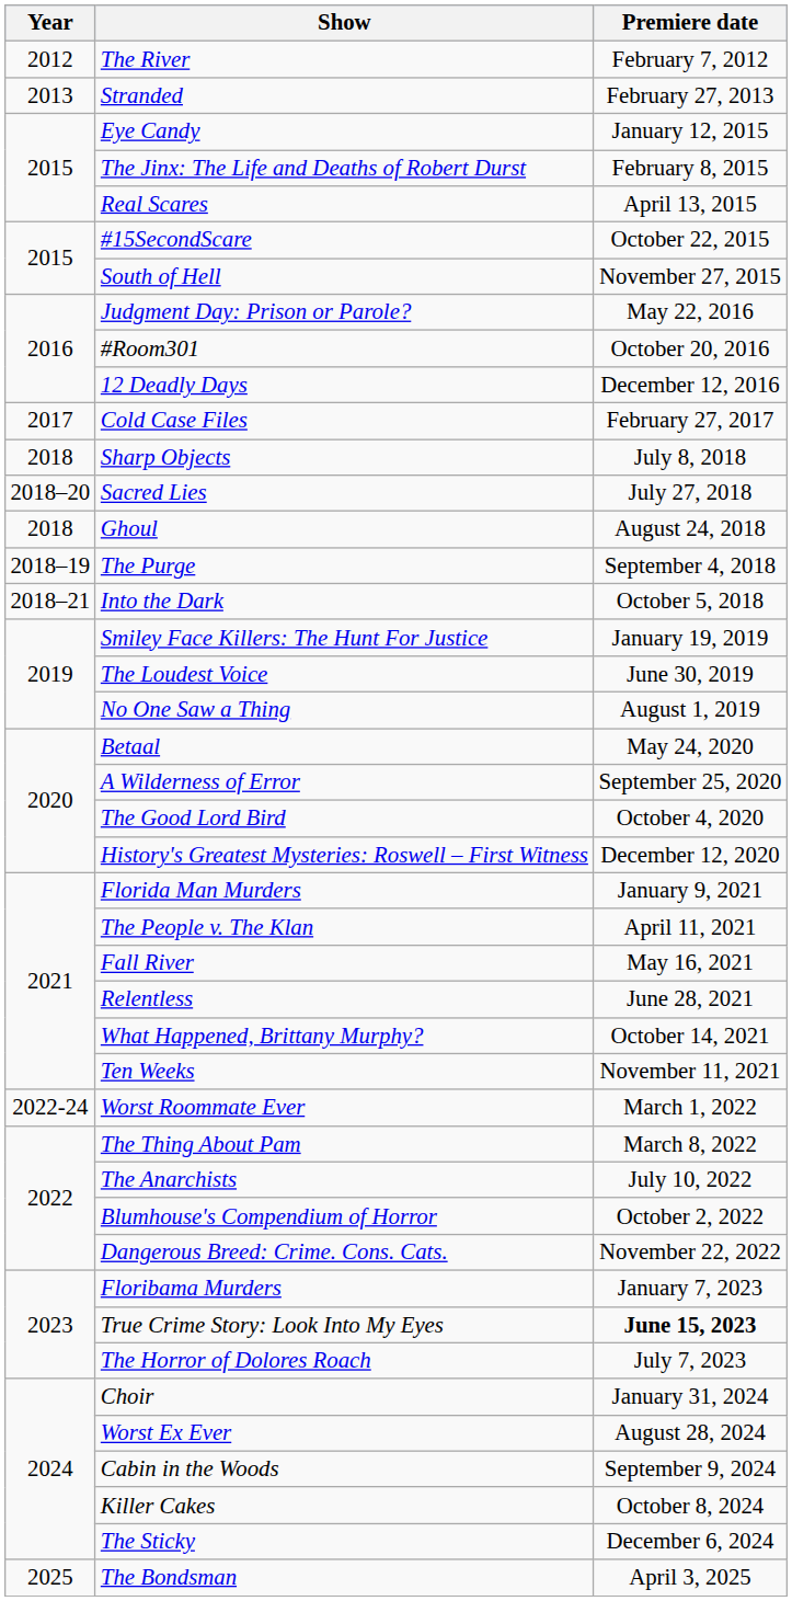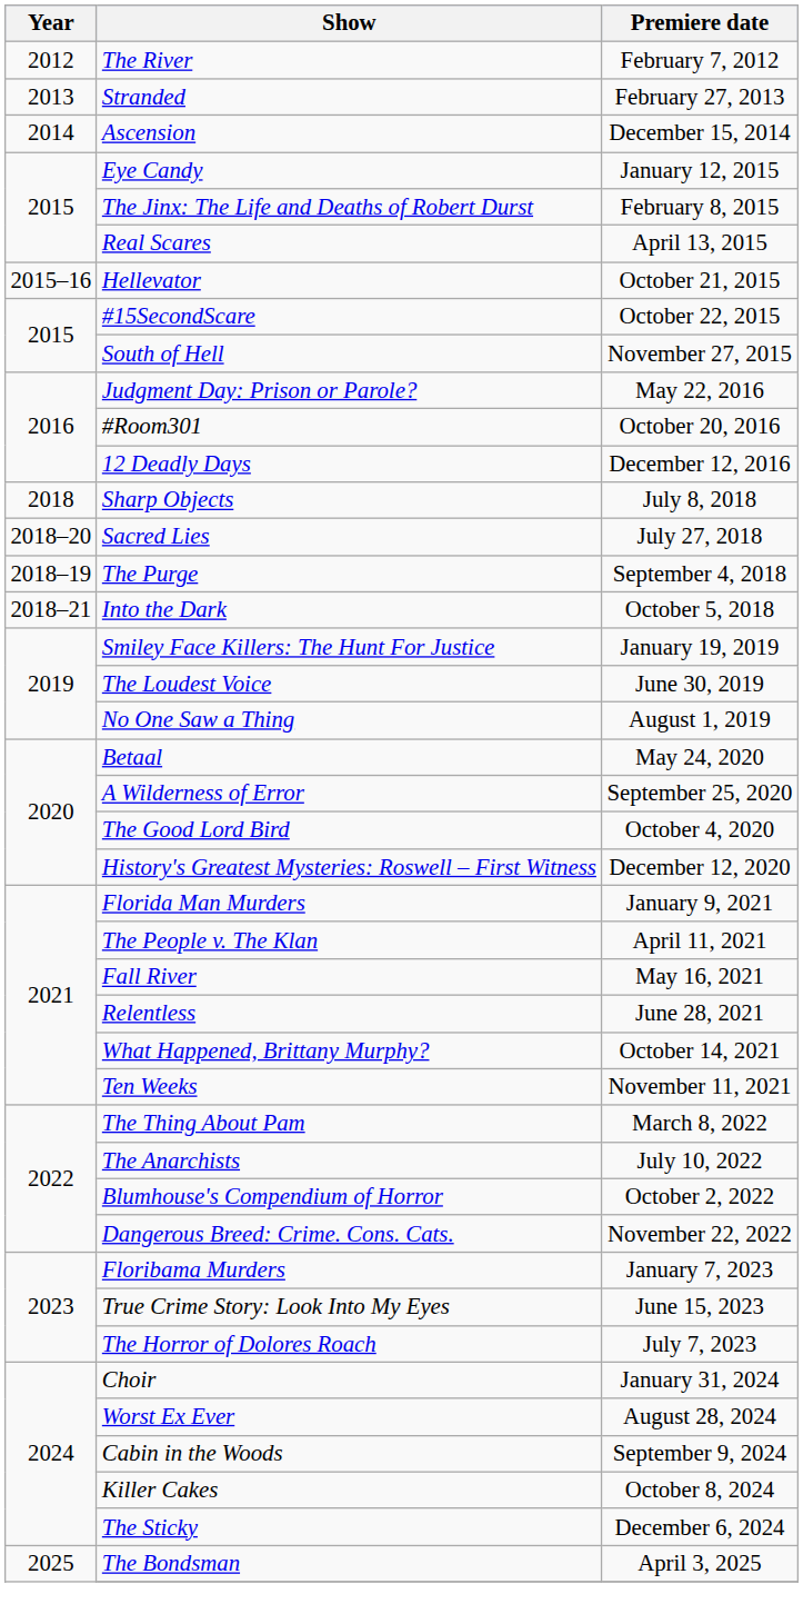 <table class="wikitable sortable">
 <tr style="background:#b0c4de; text-align:center;">
 <th>Year</th>
 <th>Show</th>
 <th>Premiere date</th>
 </tr>
 <tr>
 <td style="text-align:center;">2012</td>
 <td style="text-align:left;"><em><a href='#'>The River</a></em></td>
 <td style="text-align:center;">February 7, 2012</td>
 </tr>
 <tr>
 <td style="text-align:center;">2013</td>
 <td style="text-align:left;"><em><a href='#'>Stranded</a></em></td>
 <td style="text-align:center;">February 27, 2013</td>
 </tr>
 <tr>
+<td style="text-align:center;">2014</td>
+<td style="text-align:left;"><em><a href='#'>Ascension</a></em></td>
+<td style="text-align:center;">December 15, 2014</td>
+</tr>
+<tr>
 <td rowspan="3" style="text-align:center;">2015</td>
 <td style="text-align:left;"><em><a href='#'>Eye Candy</a></em></td>
 <td style="text-align:center;">January 12, 2015</td>
 </tr>
 <tr>
 <td style="text-align:left;"><em><a href='#'>The Jinx: The Life and Deaths of Robert Durst</a></em></td>
 <td style="text-align:center;">February 8, 2015</td>
 </tr>
 <tr>
 <td style="text-align:left;"><em><a href='#'>Real Scares</a></em></td>
 <td style="text-align:center;">April 13, 2015</td>
+</tr>
+<tr>
+<td style="text-align:center;">2015–16</td>
+<td style="text-align:left;"><em><a href='#'>Hellevator</a></em></td>
+<td style="text-align:center;">October 21, 2015</td>
 </tr>
 <tr>
 <td rowspan="2" style="text-align:center;">2015</td>
 <td style="text-align:left;"><em><a href='#'>#15SecondScare</a></em></td>
 <td style="text-align:center;">October 22, 2015</td>
 </tr>
 <tr>
 <td style="text-align:left;"><em><a href='#'>South of Hell</a></em></td>
 <td style="text-align:center;">November 27, 2015</td>
 </tr>
 <tr>
 <td rowspan="3" style="text-align:center;">2016</td>
 <td style="text-align:left;"><em><a href='#'>Judgment Day: Prison or Parole?</a></em></td>
 <td style="text-align:center;">May 22, 2016</td>
 </tr>
 <tr>
 <td style="text-align:left;"><em>#Room301</em></td>
 <td style="text-align:center;">October 20, 2016</td>
 </tr>
 <tr>
 <td style="text-align:left;"><em><a href='#'>12 Deadly Days</a></em></td>
 <td style="text-align:center;">December 12, 2016</td>
 </tr>
 <tr>
-<td style="text-align:center;">2017</td>
-<td style="text-align:left;"><em><a href='#'>Cold Case Files</a></em></td>
-<td style="text-align:center;">February 27, 2017</td>
-</tr>
-<tr>
 <td style="text-align:center;">2018</td>
 <td style="text-align:left;"><em><a href='#'>Sharp Objects</a></em></td>
 <td style="text-align:center;">July 8, 2018</td>
 </tr>
 <tr>
 <td style="text-align:center;">2018–20</td>
 <td style="text-align:left;"><em><a href='#'>Sacred Lies</a></em></td>
 <td style="text-align:center;">July 27, 2018</td>
-</tr>
-<tr>
-<td style="text-align:center;">2018</td>
-<td style="text-align:left;"><em><a href='#'>Ghoul</a></em></td>
-<td style="text-align:center;">August 24, 2018</td>
 </tr>
 <tr>
 <td style="text-align:center;">2018–19</td>
 <td style="text-align:left;"><em><a href='#'>The Purge</a></em></td>
 <td style="text-align:center;">September 4, 2018</td>
 </tr>
 <tr>
 <td style="text-align:center;">2018–21</td>
 <td style="text-align:left;"><em><a href='#'>Into the Dark</a></em></td>
 <td style="text-align:center;">October 5, 2018</td>
 </tr>
 <tr>
 <td rowspan="3" style="text-align:center;">2019</td>
 <td style="text-align:left;"><em><a href='#'>Smiley Face Killers: The Hunt For Justice</a></em></td>
 <td style="text-align:center;">January 19, 2019</td>
 </tr>
 <tr>
 <td style="text-align:left;"><em><a href='#'>The Loudest Voice</a></em></td>
 <td style="text-align:center;">June 30, 2019</td>
 </tr>
 <tr>
 <td style="text-align:left;"><em><a href='#'>No One Saw a Thing</a></em></td>
 <td style="text-align:center;">August 1, 2019</td>
 </tr>
 <tr>
 <td rowspan="4" style="text-align:center;">2020</td>
 <td style="text-align:left;"><em><a href='#'>Betaal</a></em></td>
 <td style="text-align:center;">May 24, 2020</td>
 </tr>
 <tr>
 <td style="text-align:left;"><em><a href='#'>A Wilderness of Error</a></em></td>
 <td style="text-align:center;">September 25, 2020</td>
 </tr>
 <tr>
 <td style="text-align:left;"><em><a href='#'>The Good Lord Bird</a></em></td>
 <td style="text-align:center;">October 4, 2020</td>
 </tr>
 <tr>
 <td style="text-align:left;"><em><a href='#'>History's Greatest Mysteries: Roswell – First Witness</a></em></td>
 <td style="text-align:center;">December 12, 2020</td>
 </tr>
 <tr>
 <td rowspan="6" style="text-align:center;">2021</td>
 <td style="text-align:left;"><em><a href='#'>Florida Man Murders</a></em></td>
 <td style="text-align:center;">January 9, 2021</td>
 </tr>
 <tr>
 <td style="text-align:left;"><em><a href='#'>The People v. The Klan</a></em></td>
 <td style="text-align:center;">April 11, 2021</td>
 </tr>
 <tr>
 <td style="text-align:left;"><em><a href='#'>Fall River</a></em></td>
 <td style="text-align:center;">May 16, 2021</td>
 </tr>
 <tr>
 <td style="text-align:left;"><em><a href='#'>Relentless</a></em></td>
 <td style="text-align:center;">June 28, 2021</td>
 </tr>
 <tr>
 <td style="text-align:left;"><em><a href='#'>What Happened, Brittany Murphy?</a></em></td>
 <td style="text-align:center;">October 14, 2021</td>
 </tr>
 <tr>
 <td style="text-align:left;"><em><a href='#'>Ten Weeks</a></em></td>
 <td style="text-align:center;">November 11, 2021</td>
 </tr>
 <tr>
-<td style="text-align:center;">2022-24</td>
-<td style="text-align:left;"><em><a href='#'>Worst Roommate Ever</a></em></td>
-<td style="text-align:center;">March 1, 2022</td>
-</tr>
-<tr>
 <td rowspan="4" style="text-align:center;">2022</td>
 <td style="text-align:left;"><em><a href='#'>The Thing About Pam</a></em></td>
 <td style="text-align:center;">March 8, 2022</td>
 </tr>
 <tr>
 <td style="text-align:left;"><em><a href='#'>The Anarchists</a></em></td>
 <td style="text-align:center;">July 10, 2022</td>
 </tr>
 <tr>
 <td style="text-align:left;"><em><a href='#'>Blumhouse's Compendium of Horror</a></em></td>
 <td style="text-align:center;">October 2, 2022</td>
 </tr>
 <tr>
 <td style="text-align:left;"><em><a href='#'>Dangerous Breed: Crime. Cons. Cats.</a></em></td>
 <td style="text-align:center;">November 22, 2022</td>
 </tr>
 <tr>
 <td rowspan="3" style="text-align:center;">2023</td>
 <td style="text-align:left;"><em><a href='#'>Floribama Murders</a></em></td>
 <td style="text-align:center;">January 7, 2023</td>
 </tr>
 <tr>
 <td style="text-align:left;"><em>True Crime Story: Look Into My Eyes</em></td>
-<td style="text-align:center;"><strong>June 15, 2023</strong></td>
+<td style="text-align:center;">June 15, 2023</td>
 </tr>
 <tr>
 <td style="text-align:left;"><em><a href='#'>The Horror of Dolores Roach</a></em></td>
 <td style="text-align:center;">July 7, 2023</td>
 </tr>
 <tr>
 <td rowspan="5" style="text-align:center;">2024</td>
 <td style="text-align:left;"><em>Choir</em></td>
 <td style="text-align:center;">January 31, 2024</td>
 </tr>
 <tr>
 <td style="text-align:left;"><em><a href='#'>Worst Ex Ever</a></em></td>
 <td style="text-align:center;">August 28, 2024</td>
 </tr>
 <tr>
 <td style="text-align:left;"><em>Cabin in the Woods</em></td>
 <td style="text-align:center;">September 9, 2024</td>
 </tr>
 <tr>
 <td style="text-align:left;"><em>Killer Cakes</em></td>
 <td style="text-align:center;">October 8, 2024</td>
 </tr>
 <tr>
 <td style="text-align:left;"><em><a href='#'>The Sticky</a></em></td>
 <td style="text-align:center;">December 6, 2024</td>
 </tr>
 <tr>
 <td rowspan="3" style="text-align:center;">2025</td>
 <td style="text-align:left;"><em><a href='#'>The Bondsman</a></em></td>
 <td style="text-align:center;">April 3, 2025</td>
 </tr>
 <tr>
 </tr>
 </table>
